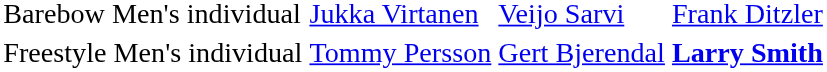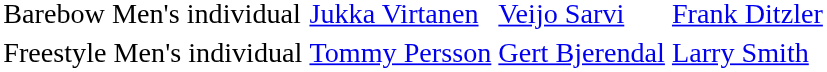 <table>
 <tr>
 <td>Barebow Men's individual<br></td>
 <td> <a href='#'>Jukka Virtanen</a></td>
 <td> <a href='#'>Veijo Sarvi</a></td>
 <td> <a href='#'>Frank Ditzler</a></td>
 </tr>
 <tr>
 <td>Freestyle Men's individual<br></td>
 <td> <a href='#'>Tommy Persson</a></td>
 <td> <a href='#'>Gert Bjerendal</a></td>
-<td><strong> <a href='#'>Larry Smith</a></strong></td>
+<td> <a href='#'>Larry Smith</a></td>
 </tr>
 </table>
